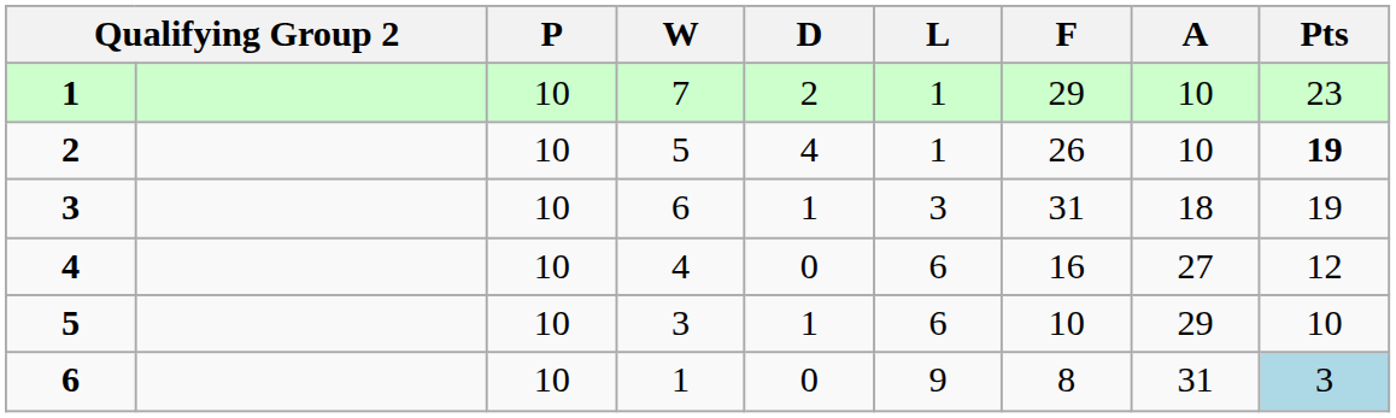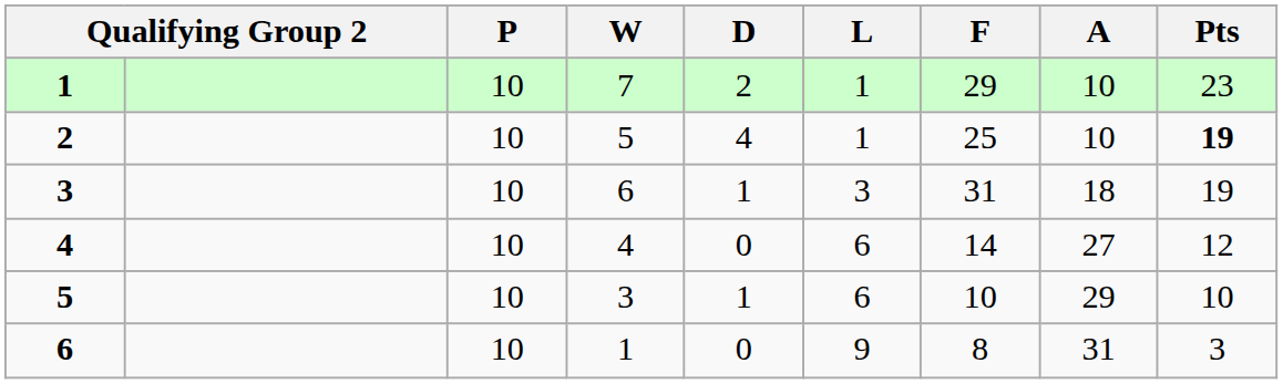 <table class="wikitable">
 <tr>
 <th colspan="2">Qualifying Group 2</th>
 <th rowspan="1" width="50">P</th>
 <th rowspan="1" width="50">W</th>
 <th colspan="1" width="50">D</th>
 <th colspan="1" width="50">L</th>
 <th colspan="1" width="50">F</th>
 <th colspan="1" width="50">A</th>
 <th colspan="1" width="50">Pts</th>
 </tr>
 <tr style="background:#ccffcc;" align=center>
 <td width="50"><strong>1</strong></td>
 <td align=left width="150"><strong></strong></td>
 <td>10</td>
 <td>7</td>
 <td>2</td>
 <td>1</td>
 <td>29</td>
 <td>10</td>
 <td>23</td>
 </tr>
 <tr align=center>
 <td><strong>2</strong></td>
 <td align=left></td>
 <td>10</td>
 <td>5</td>
 <td>4</td>
 <td>1</td>
-<td>26</td>
+<td>25</td>
 <td>10</td>
 <td><strong>19</strong></td>
 </tr>
 <tr align=center>
 <td><strong>3</strong></td>
 <td align=left></td>
 <td>10</td>
 <td>6</td>
 <td>1</td>
 <td>3</td>
 <td>31</td>
 <td>18</td>
 <td>19</td>
 </tr>
 <tr align=center>
 <td><strong>4</strong></td>
 <td align=left></td>
 <td>10</td>
 <td>4</td>
 <td>0</td>
 <td>6</td>
-<td>16</td>
+<td>14</td>
 <td>27</td>
 <td>12</td>
 </tr>
 <tr align=center>
 <td><strong>5</strong></td>
 <td align=left></td>
 <td>10</td>
 <td>3</td>
 <td>1</td>
 <td>6</td>
 <td>10</td>
 <td>29</td>
 <td>10</td>
 </tr>
 <tr align=center>
 <td><strong>6</strong></td>
 <td align=left></td>
 <td>10</td>
 <td>1</td>
 <td>0</td>
 <td>9</td>
 <td>8</td>
 <td>31</td>
-<td style="background: lightblue;">3</td>
+<td>3</td>
 </tr>
 </table>
